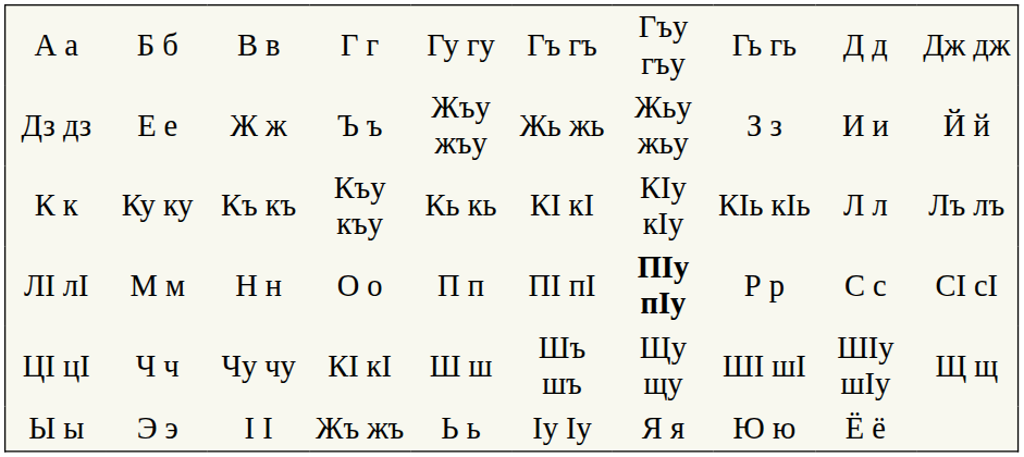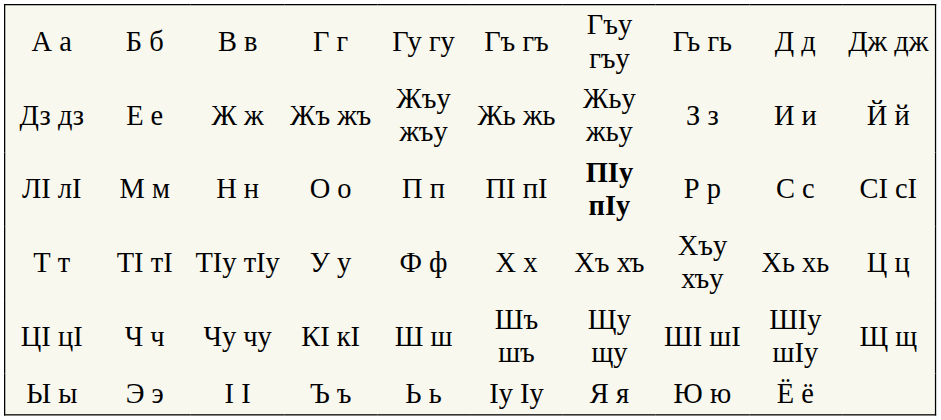 <table style="font-family:Arial Unicode MS; font-size:1.4em; border-color:#000000; border-width:1px; border-style:solid; border-collapse:collapse; background-color:#F8F8EF">
 <tr>
 <td style="width:3em; text-align:center; padding: 3px;">А а</td>
 <td style="width:3em; text-align:center; padding: 3px;">Б б</td>
 <td style="width:3em; text-align:center; padding: 3px;">В в</td>
 <td style="width:3em; text-align:center; padding: 3px;">Г г</td>
 <td style="width:3em; text-align:center; padding: 3px;">Гу гу</td>
 <td style="width:3em; text-align:center; padding: 3px;">Гъ гъ</td>
 <td style="width:3em; text-align:center; padding: 3px;">Гъу гъу</td>
 <td style="width:3em; text-align:center; padding: 3px;">Гь гь</td>
 <td style="width:3em; text-align:center; padding: 3px;">Д д</td>
 <td style="width:3em; text-align:center; padding: 3px;">Дж дж</td>
 </tr>
 <tr>
 <td style="width:3em; text-align:center; padding: 3px;">Дз дз</td>
 <td style="width:3em; text-align:center; padding: 3px;">Е е</td>
 <td style="width:3em; text-align:center; padding: 3px;">Ж ж</td>
-<td style="width:3em; text-align:center; padding: 3px;">Ъ ъ</td>
+<td style="width:3em; text-align:center; padding: 3px;">Жъ жъ</td>
 <td style="width:3em; text-align:center; padding: 3px;">Жъу жъу</td>
 <td style="width:3em; text-align:center; padding: 3px;">Жь жь</td>
 <td style="width:3em; text-align:center; padding: 3px;">Жьу жьу</td>
 <td style="width:3em; text-align:center; padding: 3px;">З з</td>
 <td style="width:3em; text-align:center; padding: 3px;">И и</td>
 <td style="width:3em; text-align:center; padding: 3px;">Й й</td>
-</tr>
-<tr>
-<td style="width:3em; text-align:center; padding: 3px;">К к</td>
-<td style="width:3em; text-align:center; padding: 3px;">Ку ку</td>
-<td style="width:3em; text-align:center; padding: 3px;">Къ къ</td>
-<td style="width:3em; text-align:center; padding: 3px;">Къу къу</td>
-<td style="width:3em; text-align:center; padding: 3px;">Кь кь</td>
-<td style="width:3em; text-align:center; padding: 3px;">КӀ кӀ</td>
-<td style="width:3em; text-align:center; padding: 3px;">КӀу кӀу</td>
-<td style="width:3em; text-align:center; padding: 3px;">КIь кIь</td>
-<td style="width:3em; text-align:center; padding: 3px;">Л л</td>
-<td style="width:3em; text-align:center; padding: 3px;">Лъ лъ</td>
 </tr>
 <tr>
 <td style="width:3em; text-align:center; padding: 3px;">ЛӀ лӀ</td>
 <td style="width:3em; text-align:center; padding: 3px;">М м</td>
 <td style="width:3em; text-align:center; padding: 3px;">Н н</td>
 <td style="width:3em; text-align:center; padding: 3px;">О о</td>
 <td style="width:3em; text-align:center; padding: 3px;">П п</td>
 <td style="width:3em; text-align:center; padding: 3px;">ПӀ пӀ</td>
 <td style="width:3em; text-align:center; padding: 3px;"><strong>ПӀу пӀу</strong></td>
 <td style="width:3em; text-align:center; padding: 3px;">Р р</td>
 <td style="width:3em; text-align:center; padding: 3px;">С с</td>
 <td style="width:3em; text-align:center; padding: 3px;">СӀ сӀ</td>
+</tr>
+<tr>
+<td style="width:3em; text-align:center; padding: 3px;">Т т</td>
+<td style="width:3em; text-align:center; padding: 3px;">ТӀ тӀ</td>
+<td style="width:3em; text-align:center; padding: 3px;">ТӀу тӀу</td>
+<td style="width:3em; text-align:center; padding: 3px;">У у</td>
+<td style="width:3em; text-align:center; padding: 3px;">Ф ф</td>
+<td style="width:3em; text-align:center; padding: 3px;">Х х</td>
+<td style="width:3em; text-align:center; padding: 3px;">Хъ хъ</td>
+<td style="width:3em; text-align:center; padding: 3px;">Хъу хъу</td>
+<td style="width:3em; text-align:center; padding: 3px;">Хь хь</td>
+<td style="width:3em; text-align:center; padding: 3px;">Ц ц</td>
 </tr>
 <tr>
 <td style="width:3em; text-align:center; padding: 3px;">ЦӀ цӀ</td>
 <td style="width:3em; text-align:center; padding: 3px;">Ч ч</td>
 <td style="width:3em; text-align:center; padding: 3px;">Чу чу</td>
 <td style="width:3em; text-align:center; padding: 3px;">КӀ кӀ</td>
 <td style="width:3em; text-align:center; padding: 3px;">Ш ш</td>
 <td style="width:3em; text-align:center; padding: 3px;">Шъ шъ</td>
 <td style="width:3em; text-align:center; padding: 3px;">Щу щу</td>
 <td style="width:3em; text-align:center; padding: 3px;">ШӀ шӀ</td>
 <td style="width:3em; text-align:center; padding: 3px;">ШӀу шӀу</td>
 <td style="width:3em; text-align:center; padding: 3px;">Щ щ</td>
 </tr>
 <tr>
 <td style="width:3em; text-align:center; padding: 3px;">Ы ы</td>
 <td style="width:3em; text-align:center; padding: 3px;">Э э</td>
 <td style="width:3em; text-align:center; padding: 3px;">Ӏ Ӏ</td>
-<td style="width:3em; text-align:center; padding: 3px;">Жъ жъ</td>
+<td style="width:3em; text-align:center; padding: 3px;">Ъ ъ</td>
 <td style="width:3em; text-align:center; padding: 3px;">Ь ь</td>
 <td style="width:3em; text-align:center; padding: 3px;">Ӏу Ӏу</td>
 <td style="width:3em; text-align:center; padding: 3px;">Я я</td>
 <td style="width:3em; text-align:center; padding: 3px;">Ю ю</td>
 <td style="width:3em; text-align:center; padding: 3px;">Ё ё</td>
 </tr>
 </table>
